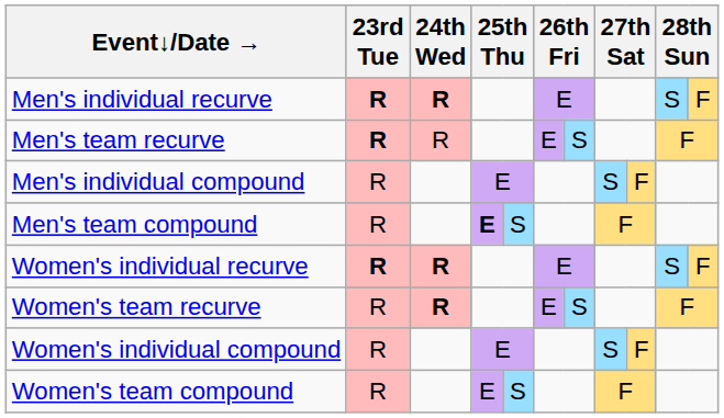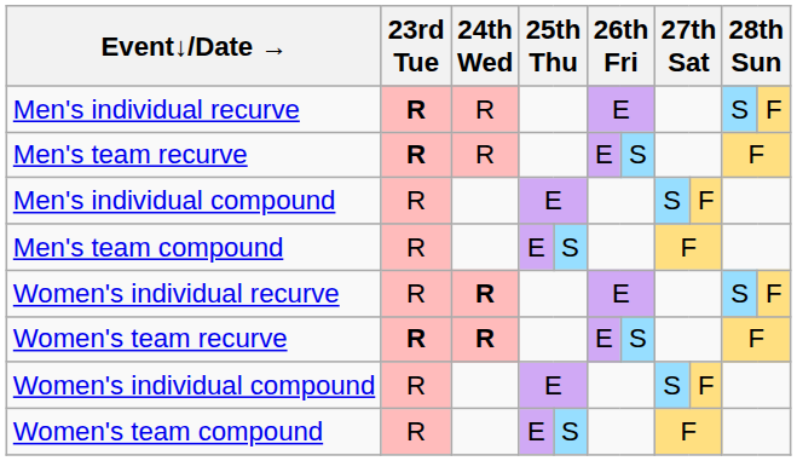 <table class="wikitable" style="margin:0.5em auto; font-size:90%; line-height:1.25em; text-align:center">
 <tr>
 <th>Event↓/Date →</th>
 <th>23rd<br>Tue</th>
 <th>24th<br>Wed</th>
 <th colspan=2>25th<br>Thu</th>
 <th colspan=2>26th<br>Fri</th>
 <th colspan=2>27th<br>Sat</th>
 <th colspan=2>28th<br>Sun</th>
 </tr>
 <tr>
 <td align="left"><a href='#'>Men's individual recurve</a></td>
 <td bgcolor="#FFBBBB"><strong>R</strong></td>
-<td bgcolor="#FFBBBB"><strong>R</strong></td>
+<td bgcolor="#FFBBBB">R</td>
 <td colspan=2></td>
 <td colspan=2 bgcolor="#D0A9F5">E</td>
 <td colspan=2></td>
 <td bgcolor="#97DEFF">S</td>
 <td bgcolor="#FFDF80">F</td>
 </tr>
 <tr>
 <td align="left"><a href='#'>Men's team recurve</a></td>
 <td bgcolor="#FFBBBB"><strong>R</strong></td>
 <td bgcolor="#FFBBBB">R</td>
 <td colspan=2></td>
 <td bgcolor="#D0A9F5">E</td>
 <td bgcolor="#97DEFF">S</td>
 <td colspan=2></td>
 <td colspan=2 bgcolor="#FFDF80">F</td>
 </tr>
 <tr>
 <td align="left"><a href='#'>Men's individual compound</a></td>
 <td bgcolor="#FFBBBB">R</td>
 <td></td>
 <td colspan=2 bgcolor="#D0A9F5">E</td>
 <td colspan=2></td>
 <td bgcolor="#97DEFF">S</td>
 <td bgcolor="#FFDF80">F</td>
 <td colspan=2></td>
 </tr>
 <tr>
 <td align="left"><a href='#'>Men's team compound</a></td>
 <td bgcolor="#FFBBBB">R</td>
 <td></td>
-<td bgcolor="#D0A9F5"><strong>E</strong></td>
+<td bgcolor="#D0A9F5">E</td>
 <td bgcolor="#97DEFF">S</td>
 <td colspan=2></td>
 <td colspan=2 bgcolor="#FFDF80">F</td>
 <td colspan=2></td>
 </tr>
 <tr>
 <td align="left"><a href='#'>Women's individual recurve</a></td>
-<td bgcolor="#FFBBBB"><strong>R</strong></td>
+<td bgcolor="#FFBBBB">R</td>
 <td bgcolor="#FFBBBB"><strong>R</strong></td>
 <td colspan=2></td>
 <td colspan=2 bgcolor="#D0A9F5">E</td>
 <td colspan=2></td>
 <td bgcolor="#97DEFF">S</td>
 <td bgcolor="#FFDF80">F</td>
 </tr>
 <tr>
 <td align="left"><a href='#'>Women's team recurve</a></td>
-<td bgcolor="#FFBBBB">R</td>
+<td bgcolor="#FFBBBB"><strong>R</strong></td>
 <td bgcolor="#FFBBBB"><strong>R</strong></td>
 <td colspan=2></td>
 <td bgcolor="#D0A9F5">E</td>
 <td bgcolor="#97DEFF">S</td>
 <td colspan=2></td>
 <td colspan=2 bgcolor="#FFDF80">F</td>
 </tr>
 <tr>
 <td align="left"><a href='#'>Women's individual compound</a></td>
 <td bgcolor="#FFBBBB">R</td>
 <td></td>
 <td colspan=2 bgcolor="#D0A9F5">E</td>
 <td colspan=2></td>
 <td bgcolor="#97DEFF">S</td>
 <td bgcolor="#FFDF80">F</td>
 <td colspan=2></td>
 </tr>
 <tr>
 <td align="left"><a href='#'>Women's team compound</a></td>
 <td bgcolor="#FFBBBB">R</td>
 <td></td>
 <td bgcolor="#D0A9F5">E</td>
 <td bgcolor="#97DEFF">S</td>
 <td colspan=2></td>
 <td colspan=2 bgcolor="#FFDF80">F</td>
 <td colspan=2></td>
 </tr>
 </table>
